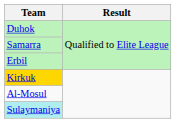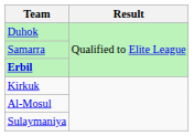 <table class="wikitable" style="text-align: center;">
 <tr>
 <th>Team</th>
 <th>Result</th>
 </tr>
 <tr>
 <td style="background:#BBF3BB; text-align: left"><a href='#'>Duhok</a></td>
 <td style="background:#BBF3BB;" rowspan=3>Qualified to <a href='#'>Elite League</a></td>
 </tr>
 <tr>
 <td style="background:#BBF3BB; text-align: left"><a href='#'>Samarra</a></td>
 </tr>
 <tr>
-<td style="background:#BBF3BB; text-align: left"><a href='#'>Erbil</a></td>
+<td style="background:#BBF3BB; text-align: left"><strong><a href='#'>Erbil</a></strong></td>
 </tr>
 <tr>
-<td style="background: gold; text-align: left"><a href='#'>Kirkuk</a></td>
+<td style="text-align: left"><a href='#'>Kirkuk</a></td>
 </tr>
 <tr>
 <td style="text-align: left"><a href='#'>Al-Mosul</a></td>
 </tr>
 <tr>
-<td style="background: paleturquoise; text-align: left"><a href='#'>Sulaymaniya</a></td>
+<td style="text-align: left"><a href='#'>Sulaymaniya</a></td>
 </tr>
 </table>
